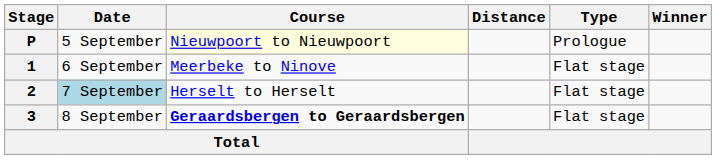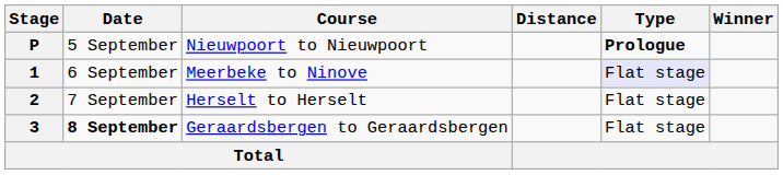 <table class=wikitable>
 <tr>
 <th>Stage</th>
 <th>Date</th>
 <th>Course</th>
 <th>Distance</th>
 <th>Type</th>
 <th>Winner</th>
 </tr>
 <tr>
 <th align=center>P</th>
 <td align=center>5 September</td>
-<td style="background: lightyellow;"><a href='#'>Nieuwpoort</a> to Nieuwpoort</td>
+<td><a href='#'>Nieuwpoort</a> to Nieuwpoort</td>
 <td align=center></td>
-<td>Prologue</td>
+<td><strong>Prologue</strong></td>
 <td></td>
 </tr>
 <tr>
 <th align=center>1</th>
 <td align=center>6 September</td>
 <td><a href='#'>Meerbeke</a> to <a href='#'>Ninove</a></td>
 <td align=center></td>
-<td>Flat stage</td>
+<td style="background: lavender;">Flat stage</td>
 <td></td>
 </tr>
 <tr>
 <th align=center>2</th>
-<td align=center style="background: lightblue;">7 September</td>
+<td align=center>7 September</td>
 <td><a href='#'>Herselt</a> to Herselt</td>
 <td align=center></td>
 <td>Flat stage</td>
 <td></td>
 </tr>
 <tr>
 <th align=center>3</th>
-<td align=center>8 September</td>
-<td><strong><a href='#'>Geraardsbergen</a> to Geraardsbergen</strong></td>
+<td align=center><strong>8 September</strong></td>
+<td><a href='#'>Geraardsbergen</a> to Geraardsbergen</td>
 <td align=center></td>
 <td>Flat stage</td>
 <td></td>
 </tr>
 <tr>
 <th colspan=3>Total</th>
 <th colspan=5></th>
 </tr>
 </table>
